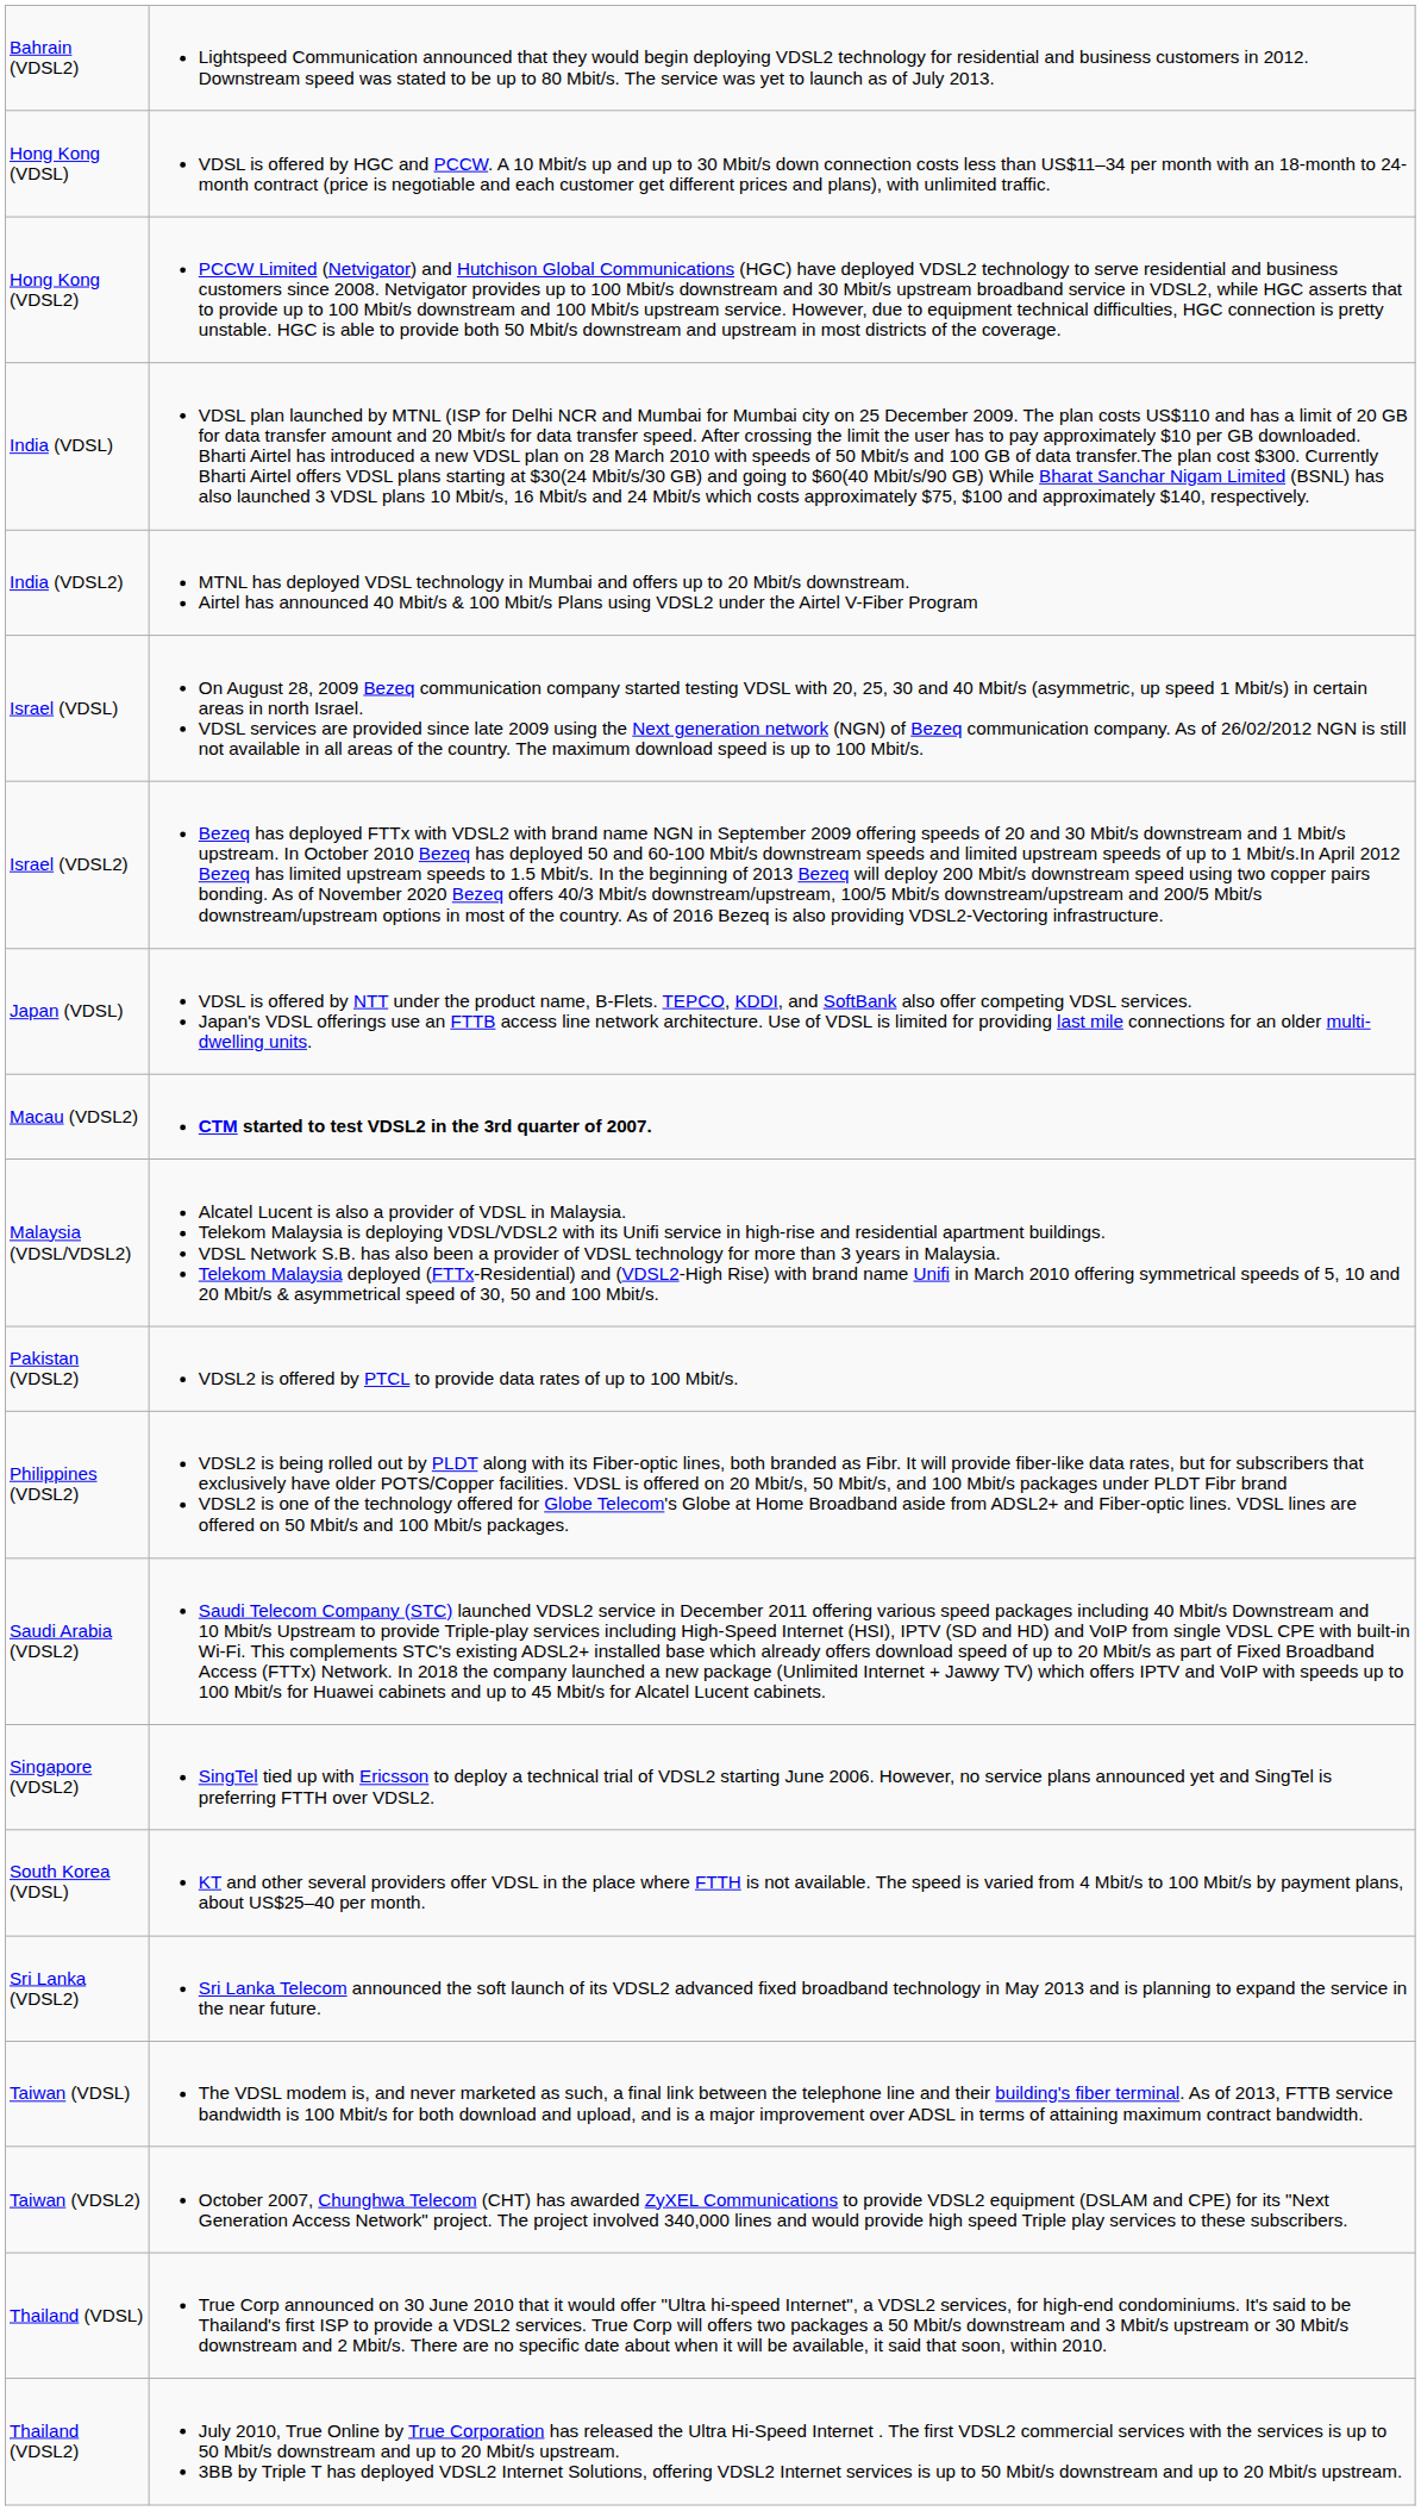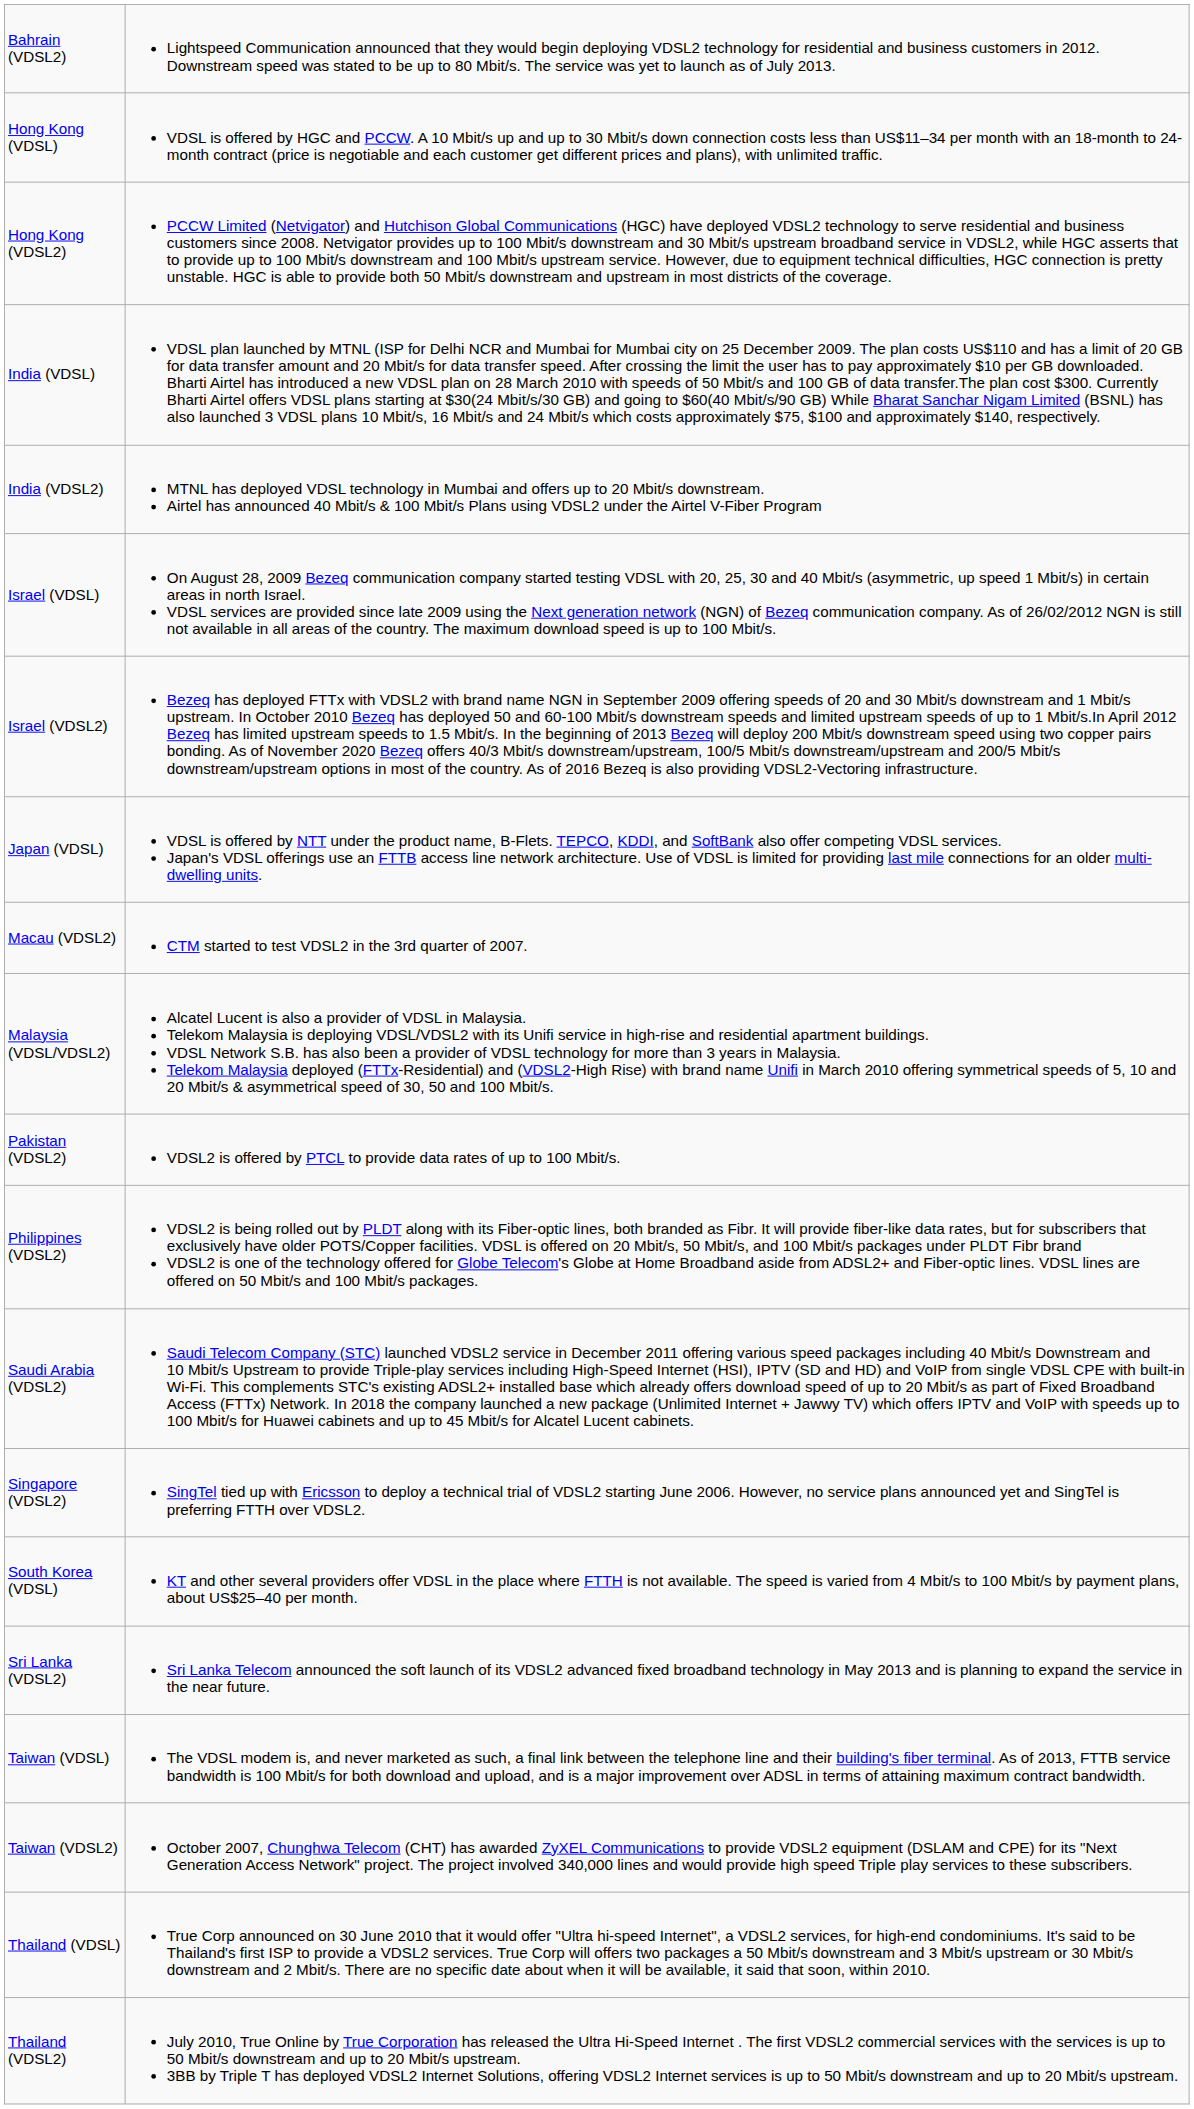 <table class="wikitable">
 <tr>
 <td><a href='#'>Bahrain</a> (VDSL2)</td>
 <td><br><ul><li>Lightspeed Communication announced that they would begin deploying VDSL2 technology for residential and business customers in 2012. Downstream speed was stated to be up to 80 Mbit/s. The service was yet to launch as of July 2013.</li></ul></td>
 </tr>
 <tr>
 <td><a href='#'>Hong Kong</a> (VDSL)</td>
 <td><br><ul><li>VDSL is offered by HGC and <a href='#'>PCCW</a>. A 10 Mbit/s up and up to 30 Mbit/s down connection costs less than US$11–34 per month with an 18-month to 24-month contract (price is negotiable and each customer get different prices and plans), with unlimited traffic.</li></ul></td>
 </tr>
 <tr>
 <td><a href='#'>Hong Kong</a> (VDSL2)</td>
 <td><br><ul><li><a href='#'>PCCW Limited</a> (<a href='#'>Netvigator</a>) and <a href='#'>Hutchison Global Communications</a> (HGC) have deployed VDSL2 technology to serve residential and business customers since 2008. Netvigator provides up to 100 Mbit/s downstream and 30 Mbit/s upstream broadband service in VDSL2, while HGC asserts that to provide up to 100 Mbit/s downstream and 100 Mbit/s upstream service. However, due to equipment technical difficulties, HGC connection is pretty unstable. HGC is able to provide both 50 Mbit/s downstream and upstream in most districts of the coverage.</li></ul></td>
 </tr>
 <tr>
 <td><a href='#'>India</a> (VDSL)</td>
 <td><br><ul><li>VDSL plan launched by MTNL (ISP for Delhi NCR and Mumbai for Mumbai city on 25 December 2009. The plan costs US$110 and has a limit of 20 GB for data transfer amount and 20 Mbit/s for data transfer speed. After crossing the limit the user has to pay approximately $10 per GB downloaded. Bharti Airtel has introduced a new VDSL plan on 28 March 2010 with speeds of 50 Mbit/s and 100 GB of data transfer.The plan cost $300. Currently Bharti Airtel offers VDSL plans starting at $30(24 Mbit/s/30 GB) and going to $60(40 Mbit/s/90 GB) While <a href='#'>Bharat Sanchar Nigam Limited</a> (BSNL) has also launched 3 VDSL plans 10 Mbit/s, 16 Mbit/s and 24 Mbit/s which costs approximately $75, $100 and approximately $140, respectively.</li></ul></td>
 </tr>
 <tr>
 <td><a href='#'>India</a> (VDSL2)</td>
 <td><br><ul><li>MTNL has deployed VDSL technology in Mumbai and offers up to 20 Mbit/s downstream.</li><li>Airtel has announced 40 Mbit/s & 100 Mbit/s Plans using VDSL2 under the Airtel V-Fiber Program</li></ul></td>
 </tr>
 <tr>
 <td><a href='#'>Israel</a> (VDSL)</td>
 <td><br><ul><li>On August 28, 2009 <a href='#'>Bezeq</a> communication company started testing VDSL with 20, 25, 30 and 40 Mbit/s (asymmetric, up speed 1 Mbit/s) in certain areas in north Israel.</li><li>VDSL services are provided since late 2009 using the <a href='#'>Next generation network</a> (NGN) of <a href='#'>Bezeq</a> communication company. As of 26/02/2012 NGN is still not available in all areas of the country. The maximum download speed is up to 100 Mbit/s.</li></ul></td>
 </tr>
 <tr>
 <td><a href='#'>Israel</a> (VDSL2)</td>
 <td><br><ul><li><a href='#'>Bezeq</a> has deployed FTTx with VDSL2 with brand name NGN in September 2009 offering speeds of 20 and 30 Mbit/s downstream and 1 Mbit/s upstream. In October 2010 <a href='#'>Bezeq</a> has deployed 50 and 60-100 Mbit/s downstream speeds and limited upstream speeds of up to 1 Mbit/s.In April 2012 <a href='#'>Bezeq</a> has limited upstream speeds to 1.5 Mbit/s. In the beginning of 2013 <a href='#'>Bezeq</a> will deploy 200 Mbit/s downstream speed using two copper pairs bonding. As of November 2020 <a href='#'>Bezeq</a> offers 40/3 Mbit/s downstream/upstream, 100/5 Mbit/s downstream/upstream and 200/5 Mbit/s downstream/upstream options in most of the country. As of 2016 Bezeq is also providing VDSL2-Vectoring infrastructure.</li></ul></td>
 </tr>
 <tr>
 <td><a href='#'>Japan</a> (VDSL)</td>
 <td><br><ul><li>VDSL is offered by <a href='#'>NTT</a> under the product name, B-Flets. <a href='#'>TEPCO</a>, <a href='#'>KDDI</a>, and <a href='#'>SoftBank</a> also offer competing VDSL services.</li><li>Japan's VDSL offerings use an <a href='#'>FTTB</a> access line network architecture. Use of VDSL is limited for providing <a href='#'>last mile</a> connections for an older <a href='#'>multi-dwelling units</a>.</li></ul></td>
 </tr>
 <tr>
 <td><a href='#'>Macau</a> (VDSL2)</td>
-<td><strong><br><ul><li><a href='#'>CTM</a> started to test VDSL2 in the 3rd quarter of 2007.</li></ul></strong></td>
+<td><br><ul><li><a href='#'>CTM</a> started to test VDSL2 in the 3rd quarter of 2007.</li></ul></td>
 </tr>
 <tr>
 <td><a href='#'>Malaysia</a> (VDSL/VDSL2)</td>
 <td><br><ul><li>Alcatel Lucent is also a provider of VDSL in Malaysia.</li><li>Telekom Malaysia is deploying VDSL/VDSL2 with its Unifi service in high-rise and residential apartment buildings.</li><li>VDSL Network S.B. has also been a provider of VDSL technology for more than 3 years in Malaysia.</li><li><a href='#'>Telekom Malaysia</a> deployed (<a href='#'>FTTx</a>-Residential) and (<a href='#'>VDSL2</a>-High Rise) with brand name <a href='#'>Unifi</a> in March 2010 offering symmetrical speeds of 5, 10 and 20 Mbit/s & asymmetrical speed of 30, 50 and 100 Mbit/s.</li></ul></td>
 </tr>
 <tr>
 <td><a href='#'>Pakistan</a> (VDSL2)</td>
 <td><br><ul><li>VDSL2 is offered by <a href='#'>PTCL</a> to provide data rates of up to 100 Mbit/s.</li></ul></td>
 </tr>
 <tr>
 <td><a href='#'>Philippines</a> (VDSL2)</td>
 <td><br><ul><li>VDSL2 is being rolled out by <a href='#'>PLDT</a> along with its Fiber-optic lines, both branded as Fibr. It will provide fiber-like data rates, but for subscribers that exclusively have older POTS/Copper facilities. VDSL is offered on 20 Mbit/s, 50 Mbit/s, and 100 Mbit/s packages under PLDT Fibr brand</li><li>VDSL2 is one of the technology offered for <a href='#'>Globe Telecom</a>'s Globe at Home Broadband aside from ADSL2+ and Fiber-optic lines. VDSL lines are offered on 50 Mbit/s and 100 Mbit/s packages.</li></ul></td>
 </tr>
 <tr>
 <td><a href='#'>Saudi Arabia</a> (VDSL2)</td>
 <td><br><ul><li><a href='#'>Saudi Telecom Company (STC)</a> launched VDSL2 service in December 2011 offering various speed packages including 40 Mbit/s Downstream and 10 Mbit/s Upstream to provide Triple-play services including High-Speed Internet (HSI), IPTV (SD and HD) and VoIP from single VDSL CPE with built-in Wi-Fi. This complements STC's existing ADSL2+ installed base which already offers download speed of up to 20 Mbit/s as part of Fixed Broadband Access (FTTx) Network. In 2018 the company launched a new package (Unlimited Internet + Jawwy TV) which offers IPTV and VoIP with speeds up to 100 Mbit/s for Huawei cabinets and up to 45 Mbit/s for Alcatel Lucent cabinets.</li></ul></td>
 </tr>
 <tr>
 <td><a href='#'>Singapore</a> (VDSL2)</td>
 <td><br><ul><li><a href='#'>SingTel</a> tied up with <a href='#'>Ericsson</a> to deploy a technical trial of VDSL2 starting June 2006. However, no service plans announced yet and SingTel is preferring FTTH over VDSL2.</li></ul></td>
 </tr>
 <tr>
 <td><a href='#'>South Korea</a> (VDSL)</td>
 <td><br><ul><li><a href='#'>KT</a> and other several providers offer VDSL in the place where <a href='#'>FTTH</a> is not available. The speed is varied from 4 Mbit/s to 100 Mbit/s by payment plans, about US$25–40 per month.</li></ul></td>
 </tr>
 <tr>
 <td><a href='#'>Sri Lanka</a> (VDSL2)</td>
 <td><br><ul><li><a href='#'>Sri Lanka Telecom</a> announced the soft launch of its VDSL2 advanced fixed broadband technology in May 2013 and is planning to expand the service in the near future.</li></ul></td>
 </tr>
 <tr>
 <td><a href='#'>Taiwan</a> (VDSL)</td>
 <td><br><ul><li>The VDSL modem is, and never marketed as such, a final link between the telephone line and their <a href='#'>building's fiber terminal</a>. As of 2013, FTTB service bandwidth is 100 Mbit/s for both download and upload, and is a major improvement over ADSL in terms of attaining maximum contract bandwidth.</li></ul></td>
 </tr>
 <tr>
 <td><a href='#'>Taiwan</a> (VDSL2)</td>
 <td><br><ul><li>October 2007, <a href='#'>Chunghwa Telecom</a> (CHT) has awarded <a href='#'>ZyXEL Communications</a> to provide VDSL2 equipment (DSLAM and CPE) for its "Next Generation Access Network" project. The project involved 340,000 lines and would provide high speed Triple play services to these subscribers.</li></ul></td>
 </tr>
 <tr>
 <td><a href='#'>Thailand</a> (VDSL)</td>
 <td><br><ul><li>True Corp announced on 30 June 2010 that it would offer "Ultra hi-speed Internet", a VDSL2 services, for high-end condominiums. It's said to be Thailand's first ISP to provide a VDSL2 services. True Corp will offers two packages a 50 Mbit/s downstream and 3 Mbit/s upstream or 30 Mbit/s downstream and 2 Mbit/s. There are no specific date about when it will be available, it said that soon, within 2010.</li></ul></td>
 </tr>
 <tr>
 <td><a href='#'>Thailand</a> (VDSL2)</td>
 <td><br><ul><li>July 2010, True Online by <a href='#'>True Corporation</a> has released the Ultra Hi-Speed Internet . The first VDSL2 commercial services with the services is up to 50 Mbit/s downstream and up to 20 Mbit/s upstream.</li><li>3BB by Triple T has deployed VDSL2 Internet Solutions, offering VDSL2 Internet services is up to 50 Mbit/s downstream and up to 20 Mbit/s upstream.</li></ul></td>
 </tr>
 </table>
